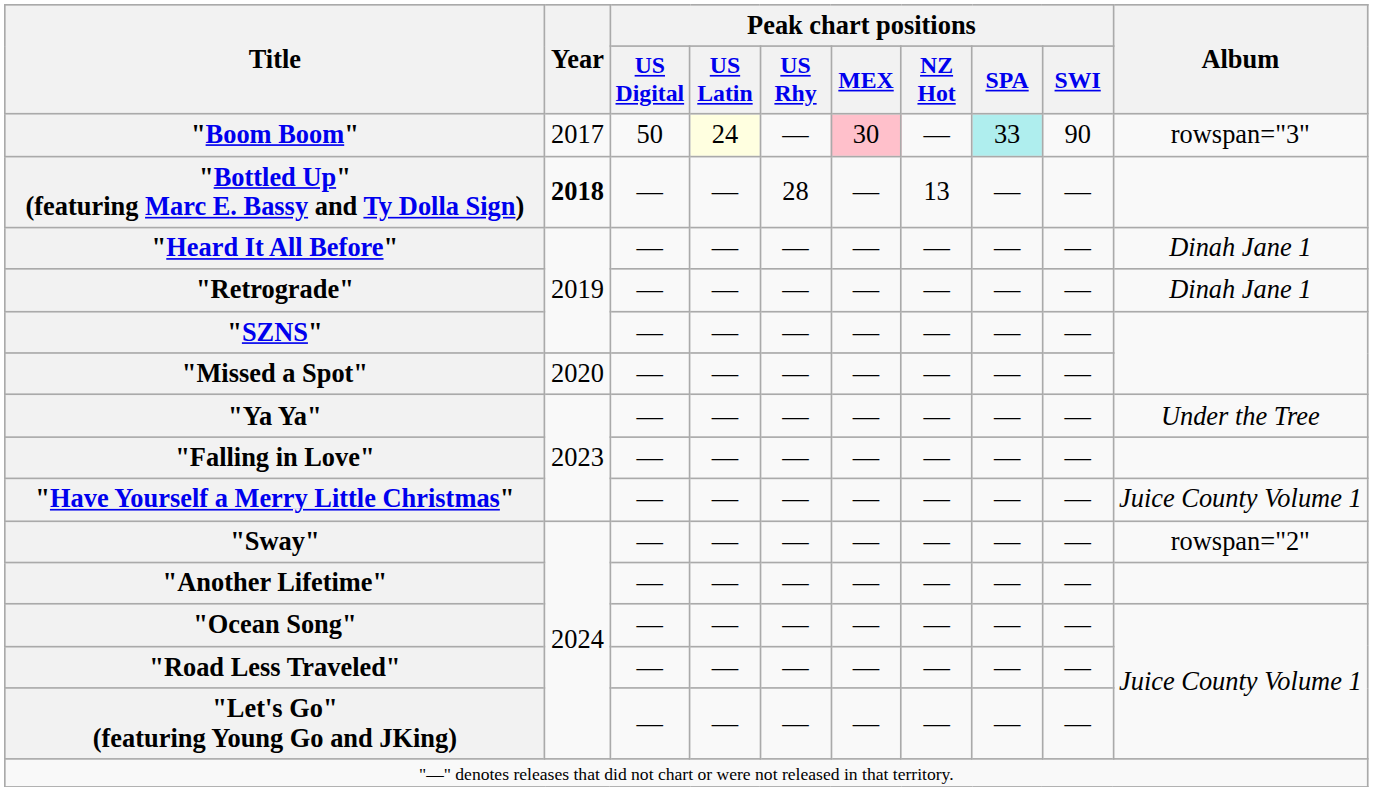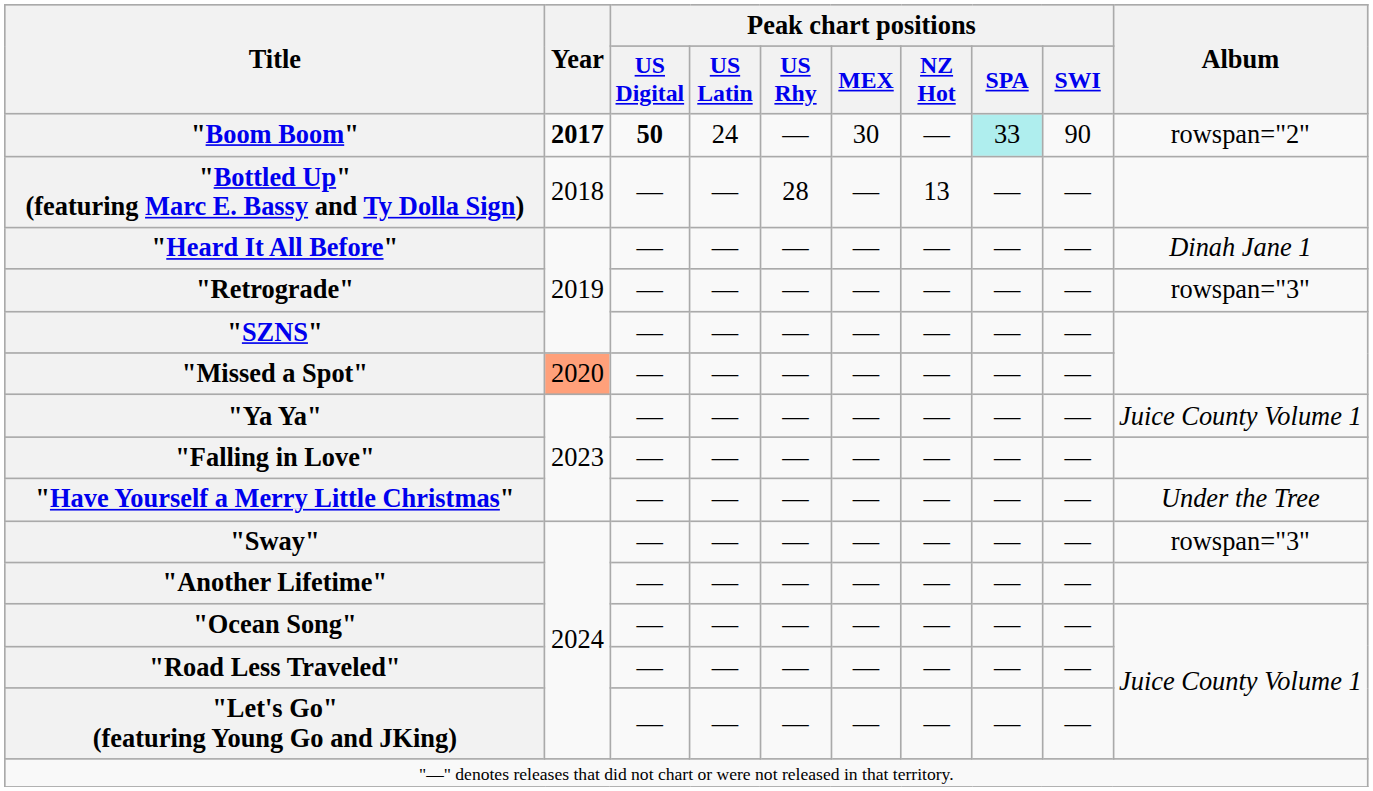 <table class="wikitable plainrowheaders" style="text-align:center;">
 <tr>
 <th scope="col" rowspan="2" style="width:20em;">Title</th>
 <th scope="col" rowspan="2">Year</th>
 <th colspan="7" scope="col">Peak chart positions</th>
 <th scope="col" rowspan="2">Album</th>
 </tr>
 <tr>
 <th scope="col" style="width:2.5em;font-size:90%;"><a href='#'>US<br>Digital</a><br></th>
 <th scope="col" style="width:2.5em;font-size:90%;"><a href='#'>US<br>Latin</a><br></th>
 <th scope="col" style="width:2.5em;font-size:90%;"><a href='#'>US<br>Rhy</a><br></th>
 <th scope="col" style="width:2.5em;font-size:90%;"><a href='#'>MEX</a><br></th>
 <th scope="col" style="width:2.5em;font-size:90%;"><a href='#'>NZ<br>Hot</a><br></th>
 <th scope="col" style="width:2.5em;font-size:90%;"><a href='#'>SPA</a><br></th>
 <th scope="col" style="width:2.5em;font-size:90%;"><a href='#'>SWI</a><br></th>
 </tr>
 <tr>
 <th scope="row">"<a href='#'>Boom Boom</a>"<br></th>
-<td>2017</td>
-<td>50</td>
-<td style="background: lightyellow;">24</td>
+<td><strong>2017</strong></td>
+<td><strong>50</strong></td>
+<td>24</td>
 <td>—</td>
-<td style="background: pink;">30</td>
+<td>30</td>
 <td>—</td>
 <td style="background: paleturquoise;">33</td>
 <td>90</td>
-<td>rowspan="3" </td>
+<td>rowspan="2" </td>
 </tr>
 <tr>
 <th scope="row">"<a href='#'>Bottled Up</a>"<br><span>(featuring <a href='#'>Marc E. Bassy</a> and <a href='#'>Ty Dolla Sign</a>)</span></th>
-<td><strong>2018</strong></td>
+<td>2018</td>
 <td>—</td>
 <td>—</td>
 <td>28</td>
 <td>—</td>
 <td>13</td>
 <td>—</td>
 <td>—</td>
 </tr>
 <tr>
 <th scope="row">"<a href='#'>Heard It All Before</a>"</th>
 <td rowspan="3">2019</td>
 <td>—</td>
 <td>—</td>
 <td>—</td>
 <td>—</td>
 <td>—</td>
 <td>—</td>
 <td>—</td>
 <td><em>Dinah Jane 1</em></td>
 </tr>
 <tr>
 <th scope="row">"Retrograde"</th>
 <td>—</td>
 <td>—</td>
 <td>—</td>
 <td>—</td>
 <td>—</td>
 <td>—</td>
 <td>—</td>
-<td><em>Dinah Jane 1</em></td>
+<td>rowspan="3" </td>
 </tr>
 <tr>
 <th scope="row">"<a href='#'>SZNS</a>"<br><span></span></th>
 <td>—</td>
 <td>—</td>
 <td>—</td>
 <td>—</td>
 <td>—</td>
 <td>—</td>
 <td>—</td>
 </tr>
 <tr>
 <th scope="row">"Missed a Spot"</th>
-<td>2020</td>
+<td style="background: lightsalmon;">2020</td>
 <td>—</td>
 <td>—</td>
 <td>—</td>
 <td>—</td>
 <td>—</td>
 <td>—</td>
 <td>—</td>
 </tr>
 <tr>
 <th scope="row">"Ya Ya"</th>
 <td rowspan="3">2023</td>
 <td>—</td>
 <td>—</td>
 <td>—</td>
 <td>—</td>
 <td>—</td>
 <td>—</td>
 <td>—</td>
-<td><em>Under the Tree</em></td>
+<td><em>Juice County Volume 1</em></td>
 </tr>
 <tr>
 <th scope="row">"Falling in Love"<br><span></span></th>
 <td>—</td>
 <td>—</td>
 <td>—</td>
 <td>—</td>
 <td>—</td>
 <td>—</td>
 <td>—</td>
 <td></td>
 </tr>
 <tr>
 <th scope="row">"<a href='#'>Have Yourself a Merry Little Christmas</a>"<br><span></span></th>
 <td>—</td>
 <td>—</td>
 <td>—</td>
 <td>—</td>
 <td>—</td>
 <td>—</td>
 <td>—</td>
-<td><em>Juice County Volume 1</em></td>
+<td><em>Under the Tree</em></td>
 </tr>
 <tr>
 <th scope="row">"Sway" <br><span></span></th>
 <td rowspan="5">2024</td>
 <td>—</td>
 <td>—</td>
 <td>—</td>
 <td>—</td>
 <td>—</td>
 <td>—</td>
 <td>—</td>
-<td>rowspan="2" </td>
+<td>rowspan="3" </td>
 </tr>
 <tr>
 <th scope="row">"Another Lifetime"<br><span></span></th>
 <td>—</td>
 <td>—</td>
 <td>—</td>
 <td>—</td>
 <td>—</td>
 <td>—</td>
 <td>—</td>
 </tr>
 <tr>
 <th scope="row">"Ocean Song"</th>
 <td>—</td>
 <td>—</td>
 <td>—</td>
 <td>—</td>
 <td>—</td>
 <td>—</td>
 <td>—</td>
 <td rowspan="3"><em>Juice County Volume 1</em></td>
 </tr>
 <tr>
 <th scope="row">"Road Less Traveled"</th>
 <td>—</td>
 <td>—</td>
 <td>—</td>
 <td>—</td>
 <td>—</td>
 <td>—</td>
 <td>—</td>
 </tr>
 <tr>
 <th scope="row">"Let's Go"<br><span>(featuring Young Go and JKing)</span></th>
 <td>—</td>
 <td>—</td>
 <td>—</td>
 <td>—</td>
 <td>—</td>
 <td>—</td>
 <td>—</td>
 </tr>
 <tr>
 <td colspan="12" style="font-size:8pt">"—" denotes releases that did not chart or were not released in that territory.</td>
 </tr>
 </table>
